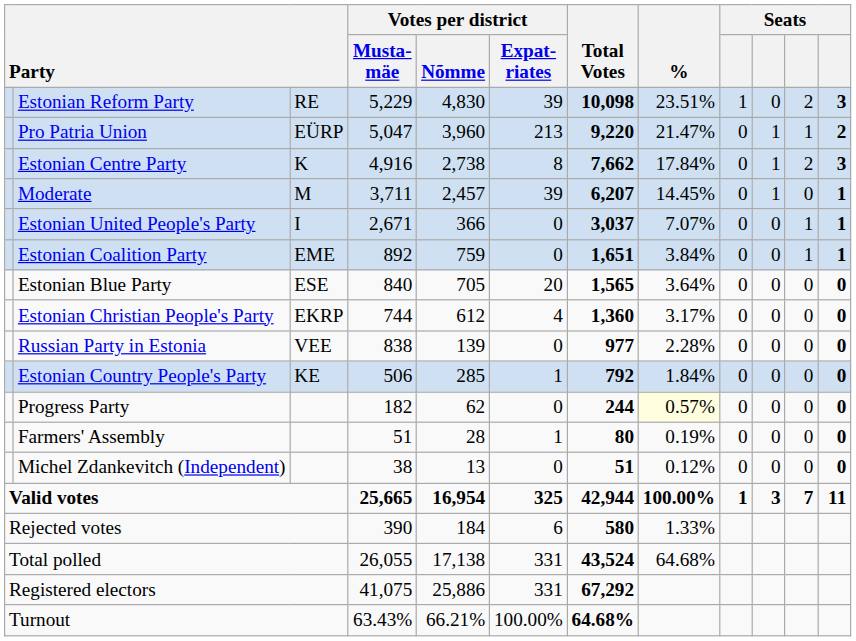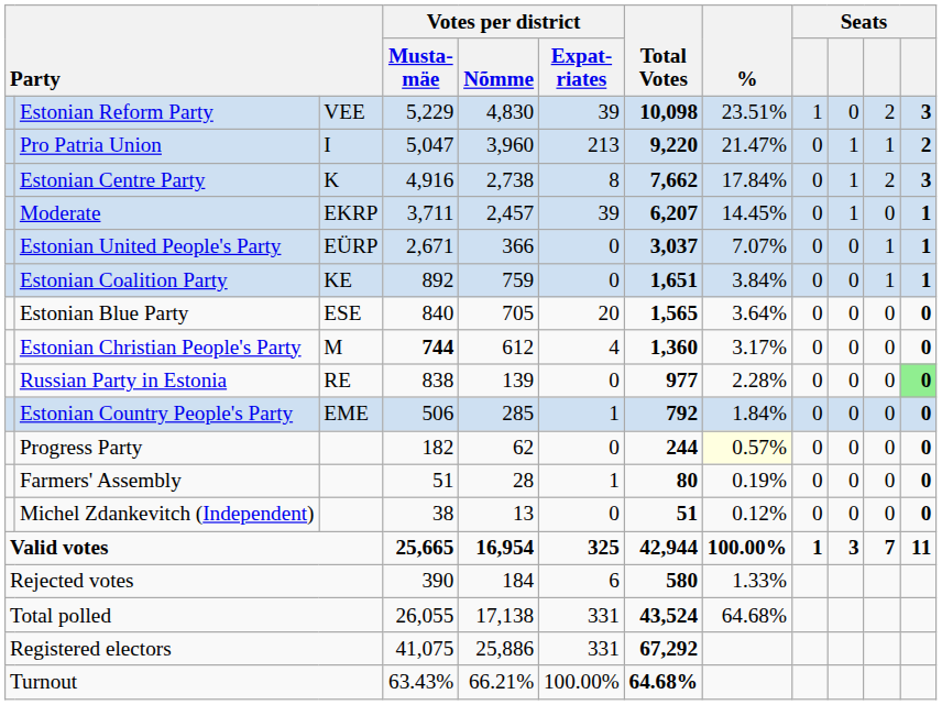 <table class="wikitable" border="1" style="text-align:right;">
 <tr>
 <th style="text-align:left;" valign=bottom rowspan=2 colspan=3>Party</th>
 <th colspan=3>Votes per district</th>
 <th align=center valign=bottom rowspan=2 width="50">Total Votes</th>
 <th align=center valign=bottom rowspan=2 width="50">%</th>
 <th colspan=4>Seats</th>
 </tr>
 <tr>
 <th align=center valign=bottom width="50"><a href='#'>Musta- mäe</a></th>
 <th align=center valign=bottom width="50"><a href='#'>Nõmme</a></th>
 <th align=center valign=bottom width="50"><a href='#'>Expat- riates</a></th>
 <th align=center valign=bottom width="20"><small></small></th>
 <th align=center valign=bottom width="20"><small></small></th>
 <th align=center valign=bottom width="20"><small></small></th>
 <th align=center valign=bottom width="20"><small></small></th>
 </tr>
 <tr style="background:#CEE0F2;">
 <td style="background:"></td>
 <td align=left><a href='#'>Estonian Reform Party</a></td>
-<td align=left>RE</td>
+<td align=left>VEE</td>
 <td>5,229</td>
 <td>4,830</td>
 <td>39</td>
 <td><strong>10,098</strong></td>
 <td>23.51%</td>
 <td>1</td>
 <td>0</td>
 <td>2</td>
 <td><strong>3</strong></td>
 </tr>
 <tr style="background:#CEE0F2;">
 <td style="background:"></td>
 <td align=left><a href='#'>Pro Patria Union</a></td>
-<td align=left>EÜRP</td>
+<td align=left>I</td>
 <td>5,047</td>
 <td>3,960</td>
 <td>213</td>
 <td><strong>9,220</strong></td>
 <td>21.47%</td>
 <td>0</td>
 <td>1</td>
 <td>1</td>
 <td><strong>2</strong></td>
 </tr>
 <tr style="background:#CEE0F2;">
 <td style="background:"></td>
 <td align=left><a href='#'>Estonian Centre Party</a></td>
 <td align=left>K</td>
 <td>4,916</td>
 <td>2,738</td>
 <td>8</td>
 <td><strong>7,662</strong></td>
 <td>17.84%</td>
 <td>0</td>
 <td>1</td>
 <td>2</td>
 <td><strong>3</strong></td>
 </tr>
 <tr style="background:#CEE0F2;">
 <td style="background:"></td>
 <td align=left><a href='#'>Moderate</a></td>
-<td align=left>M</td>
+<td align=left>EKRP</td>
 <td>3,711</td>
 <td>2,457</td>
 <td>39</td>
 <td><strong>6,207</strong></td>
 <td>14.45%</td>
 <td>0</td>
 <td>1</td>
 <td>0</td>
 <td><strong>1</strong></td>
 </tr>
 <tr style="background:#CEE0F2;">
 <td style="background:"></td>
 <td align=left><a href='#'>Estonian United People's Party</a></td>
-<td align=left>I</td>
+<td align=left>EÜRP</td>
 <td>2,671</td>
 <td>366</td>
 <td>0</td>
 <td><strong>3,037</strong></td>
 <td>7.07%</td>
 <td>0</td>
 <td>0</td>
 <td>1</td>
 <td><strong>1</strong></td>
 </tr>
 <tr style="background:#CEE0F2;">
 <td style="background:"></td>
 <td align=left><a href='#'>Estonian Coalition Party</a></td>
-<td align=left>EME</td>
+<td align=left>KE</td>
 <td>892</td>
 <td>759</td>
 <td>0</td>
 <td><strong>1,651</strong></td>
 <td>3.84%</td>
 <td>0</td>
 <td>0</td>
 <td>1</td>
 <td><strong>1</strong></td>
 </tr>
 <tr>
 <td></td>
 <td align=left>Estonian Blue Party</td>
 <td align=left>ESE</td>
 <td>840</td>
 <td>705</td>
 <td>20</td>
 <td><strong>1,565</strong></td>
 <td>3.64%</td>
 <td>0</td>
 <td>0</td>
 <td>0</td>
 <td><strong>0</strong></td>
 </tr>
 <tr>
 <td style="background:"></td>
 <td align=left><a href='#'>Estonian Christian People's Party</a></td>
-<td align=left>EKRP</td>
-<td>744</td>
+<td align=left>M</td>
+<td><strong>744</strong></td>
 <td>612</td>
 <td>4</td>
 <td><strong>1,360</strong></td>
 <td>3.17%</td>
 <td>0</td>
 <td>0</td>
 <td>0</td>
 <td><strong>0</strong></td>
 </tr>
 <tr>
 <td></td>
 <td align=left><a href='#'>Russian Party in Estonia</a></td>
-<td align=left>VEE</td>
+<td align=left>RE</td>
 <td>838</td>
 <td>139</td>
 <td>0</td>
 <td><strong>977</strong></td>
 <td>2.28%</td>
 <td>0</td>
 <td>0</td>
 <td>0</td>
-<td><strong>0</strong></td>
+<td style="background: lightgreen;"><strong>0</strong></td>
 </tr>
 <tr style="background:#CEE0F2;">
 <td style="background:"></td>
 <td align=left><a href='#'>Estonian Country People's Party</a></td>
-<td align=left>KE</td>
+<td align=left>EME</td>
 <td>506</td>
 <td>285</td>
 <td>1</td>
 <td><strong>792</strong></td>
 <td>1.84%</td>
 <td>0</td>
 <td>0</td>
 <td>0</td>
 <td><strong>0</strong></td>
 </tr>
 <tr>
 <td></td>
 <td align=left>Progress Party</td>
 <td></td>
 <td>182</td>
 <td>62</td>
 <td>0</td>
 <td><strong>244</strong></td>
 <td style="background: lightyellow;">0.57%</td>
 <td>0</td>
 <td>0</td>
 <td>0</td>
 <td><strong>0</strong></td>
 </tr>
 <tr>
 <td></td>
 <td align=left>Farmers' Assembly</td>
 <td></td>
 <td>51</td>
 <td>28</td>
 <td>1</td>
 <td><strong>80</strong></td>
 <td>0.19%</td>
 <td>0</td>
 <td>0</td>
 <td>0</td>
 <td><strong>0</strong></td>
 </tr>
 <tr>
 <td style="background:"></td>
 <td align=left>Michel Zdankevitch (<a href='#'>Independent</a>)</td>
 <td></td>
 <td>38</td>
 <td>13</td>
 <td>0</td>
 <td><strong>51</strong></td>
 <td>0.12%</td>
 <td>0</td>
 <td>0</td>
 <td>0</td>
 <td><strong>0</strong></td>
 </tr>
 <tr style="font-weight:bold">
 <td align=left colspan=3>Valid votes</td>
 <td>25,665</td>
 <td>16,954</td>
 <td>325</td>
 <td>42,944</td>
 <td>100.00%</td>
 <td>1</td>
 <td>3</td>
 <td>7</td>
 <td>11</td>
 </tr>
 <tr>
 <td align=left colspan=3>Rejected votes</td>
 <td>390</td>
 <td>184</td>
 <td>6</td>
 <td><strong>580</strong></td>
 <td>1.33%</td>
 <td></td>
 <td></td>
 <td></td>
 <td></td>
 </tr>
 <tr>
 <td align=left colspan=3>Total polled</td>
 <td>26,055</td>
 <td>17,138</td>
 <td>331</td>
 <td><strong>43,524</strong></td>
 <td>64.68%</td>
 <td></td>
 <td></td>
 <td></td>
 <td></td>
 </tr>
 <tr>
 <td align=left colspan=3>Registered electors</td>
 <td>41,075</td>
 <td>25,886</td>
 <td>331</td>
 <td><strong>67,292</strong></td>
 <td></td>
 <td></td>
 <td></td>
 <td></td>
 <td></td>
 </tr>
 <tr>
 <td align=left colspan=3>Turnout</td>
 <td>63.43%</td>
 <td>66.21%</td>
 <td>100.00%</td>
 <td><strong>64.68%</strong></td>
 <td></td>
 <td></td>
 <td></td>
 <td></td>
 <td></td>
 </tr>
 </table>
